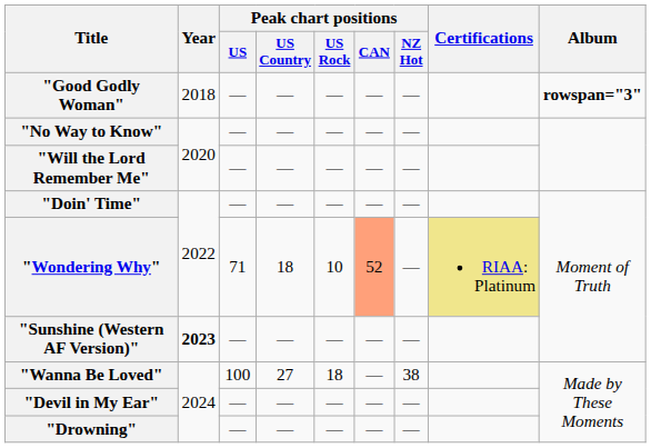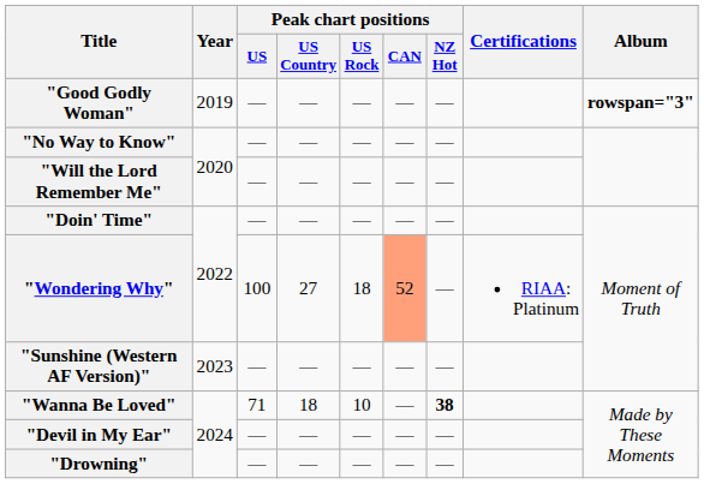 <table class="wikitable plainrowheaders" style="text-align:center;">
 <tr>
 <th scope="col" rowspan="2" style="width:18em;">Title</th>
 <th scope="col" rowspan="2">Year</th>
 <th scope="col" colspan="5">Peak chart positions</th>
 <th scope="col" rowspan="2"><a href='#'>Certifications</a></th>
 <th scope="col" rowspan="2">Album</th>
 </tr>
 <tr>
 <th scope="col" style="width:2.5em;font-size:85%;"><a href='#'>US</a><br></th>
 <th scope="col" style="width:2.5em;font-size:85%;"><a href='#'>US<br>Country</a><br></th>
 <th scope="col" style="width:2.5em;font-size:85%;"><a href='#'>US<br>Rock</a><br></th>
 <th scope="col" style="width:2.5em;font-size:85%;"><a href='#'>CAN</a><br></th>
 <th scope="col" style="width:2.5em;font-size:85%;"><a href='#'>NZ<br>Hot</a><br></th>
 </tr>
 <tr>
 <th scope="row">"Good Godly Woman"</th>
-<td>2018</td>
+<td>2019</td>
 <td>—</td>
 <td>—</td>
 <td>—</td>
 <td>—</td>
 <td>—</td>
 <td></td>
 <td><strong>rowspan="3" </strong></td>
 </tr>
 <tr>
 <th scope="row">"No Way to Know"</th>
 <td rowspan="2">2020</td>
 <td>—</td>
 <td>—</td>
 <td>—</td>
 <td>—</td>
 <td>—</td>
 <td></td>
 </tr>
 <tr>
 <th scope="row">"Will the Lord Remember Me"</th>
 <td>—</td>
 <td>—</td>
 <td>—</td>
 <td>—</td>
 <td>—</td>
 <td></td>
 </tr>
 <tr>
 <th scope="row">"Doin' Time"</th>
 <td rowspan="2">2022</td>
 <td>—</td>
 <td>—</td>
 <td>—</td>
 <td>—</td>
 <td>—</td>
 <td></td>
 <td rowspan="3"><em>Moment of Truth</em></td>
 </tr>
 <tr>
 <th scope="row">"<a href='#'>Wondering Why</a>"</th>
-<td>71</td>
+<td>100</td>
+<td>27</td>
 <td>18</td>
-<td>10</td>
 <td style="background: lightsalmon;">52</td>
 <td>—</td>
-<td style="background: khaki;"><br><ul><li><a href='#'>RIAA</a>: Platinum</li></ul></td>
+<td><br><ul><li><a href='#'>RIAA</a>: Platinum</li></ul></td>
 </tr>
 <tr>
 <th scope="row">"Sunshine (Western AF Version)"</th>
-<td><strong>2023</strong></td>
+<td>2023</td>
 <td>—</td>
 <td>—</td>
 <td>—</td>
 <td>—</td>
 <td>—</td>
 <td></td>
 </tr>
 <tr>
 <th scope="row">"Wanna Be Loved"</th>
 <td rowspan="3">2024</td>
-<td>100</td>
-<td>27</td>
+<td>71</td>
 <td>18</td>
+<td>10</td>
 <td>—</td>
-<td>38</td>
+<td><strong>38</strong></td>
 <td></td>
 <td rowspan="3"><em>Made by These Moments</em></td>
 </tr>
 <tr>
 <th scope="row">"Devil in My Ear"</th>
 <td>—</td>
 <td>—</td>
 <td>—</td>
 <td>—</td>
 <td>—</td>
 <td></td>
 </tr>
 <tr>
 <th scope="row">"Drowning"</th>
 <td>—</td>
 <td>—</td>
 <td>—</td>
 <td>—</td>
 <td>—</td>
 <td></td>
 </tr>
 </table>
